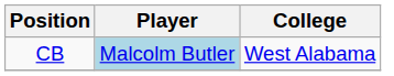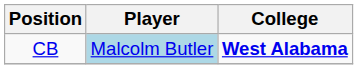 <table class="wikitable" style="text-align:center;">
 <tr>
 <th>Position</th>
 <th>Player</th>
 <th>College</th>
 </tr>
 <tr>
 <td><a href='#'>CB</a></td>
 <td style="background:#ADD8E6"><a href='#'>Malcolm Butler</a></td>
-<td><a href='#'>West Alabama</a></td>
+<td><strong><a href='#'>West Alabama</a></strong></td>
 </tr>
 <tr>
 </tr>
 </table>
